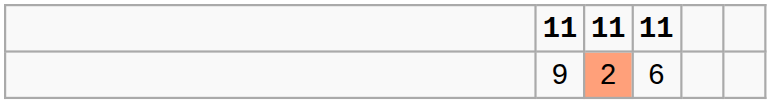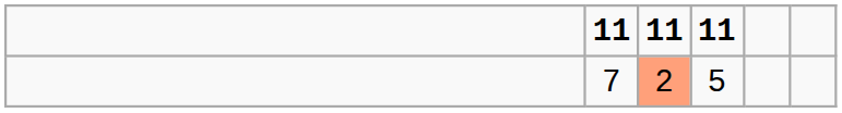 <table class="wikitable">
 <tr>
 <td style="width:18em"><strong></strong></td>
 <td align=center style="width:1em"><strong>11</strong></td>
 <td align=center style="width:1em"><strong>11</strong></td>
 <td align=center style="width:1em"><strong>11</strong></td>
 <td align=center style="width:1em"></td>
 <td align=center style="width:1em"></td>
 </tr>
 <tr>
 <td style="width:18em"></td>
-<td align=center style="width:1em">9</td>
+<td align=center style="width:1em">7</td>
 <td align=center style="background: lightsalmon; width:1em">2</td>
-<td align=center style="width:1em">6</td>
+<td align=center style="width:1em">5</td>
 <td align=center style="width:1em"></td>
 <td align=center style="width:1em"></td>
 </tr>
 </table>
